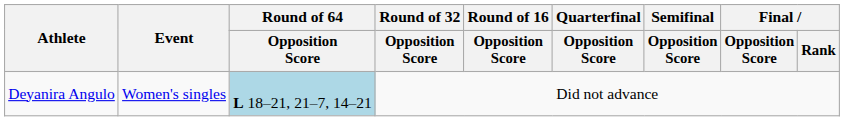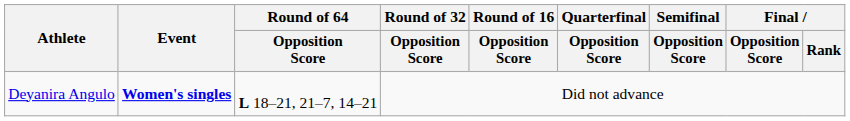 <table class=wikitable style="font-size:90%">
 <tr>
 <th rowspan="2">Athlete</th>
 <th rowspan="2">Event</th>
 <th>Round of 64</th>
 <th>Round of 32</th>
 <th>Round of 16</th>
 <th>Quarterfinal</th>
 <th>Semifinal</th>
 <th colspan=2>Final / </th>
 </tr>
 <tr style="font-size:95%">
 <th>Opposition<br>Score</th>
 <th>Opposition<br>Score</th>
 <th>Opposition<br>Score</th>
 <th>Opposition<br>Score</th>
 <th>Opposition<br>Score</th>
 <th>Opposition<br>Score</th>
 <th>Rank</th>
 </tr>
 <tr align=center>
 <td align=left><a href='#'>Deyanira Angulo</a></td>
-<td align=left><a href='#'>Women's singles</a></td>
-<td style="background: lightblue;"><br><strong>L</strong> 18–21, 21–7, 14–21</td>
+<td align=left><strong><a href='#'>Women's singles</a></strong></td>
+<td><br><strong>L</strong> 18–21, 21–7, 14–21</td>
 <td colspan=6>Did not advance</td>
 </tr>
 </table>
